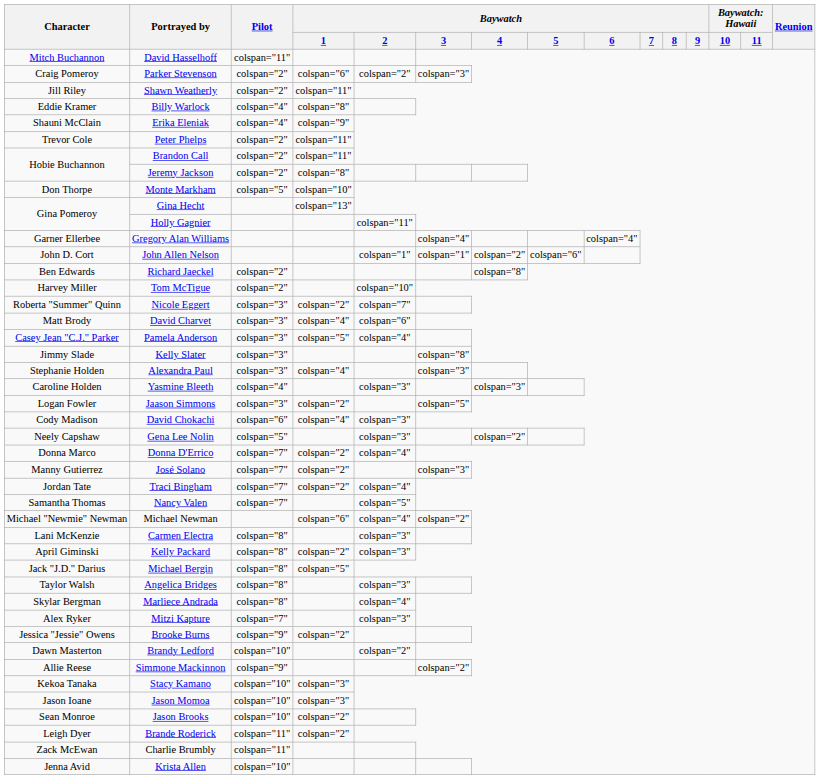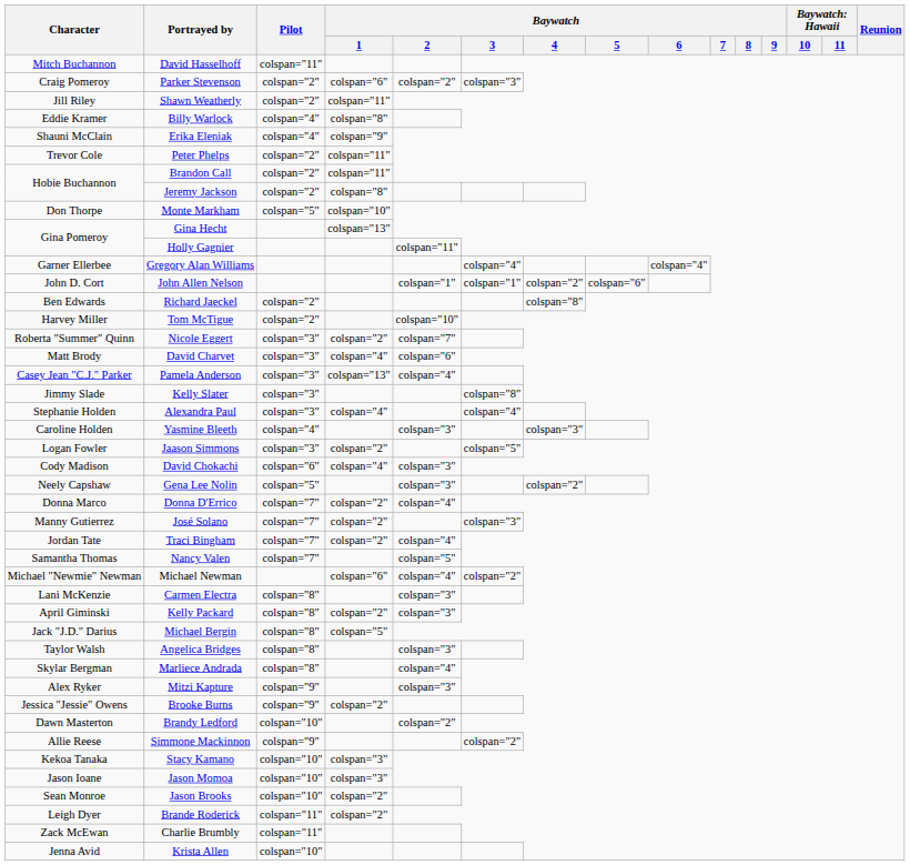 <table class="wikitable" style="text-align:center; white-space:nowrap;">
 <tr>
 <th rowspan="2">Character</th>
 <th rowspan="2">Portrayed by</th>
 <th rowspan="2"><a href='#'>Pilot</a></th>
 <th colspan="9"><em>Baywatch</em></th>
 <th colspan="2"><em>Baywatch:<br>Hawaii</em></th>
 <th rowspan="2"><a href='#'>Reunion</a></th>
 </tr>
 <tr>
 <th style="width:5%"><a href='#'>1</a></th>
 <th style="width:5%"><a href='#'>2</a></th>
 <th style="width:5%"><a href='#'>3</a></th>
 <th style="width:5%"><a href='#'>4</a></th>
 <th style="width:5%"><a href='#'>5</a></th>
 <th style="width:5%"><a href='#'>6</a></th>
 <th style="width:5%"><a href='#'>7</a></th>
 <th style="width:5%"><a href='#'>8</a></th>
 <th style="width:5%"><a href='#'>9</a></th>
 <th style="width:5%"><a href='#'>10</a></th>
 <th style="width:5%"><a href='#'>11</a></th>
 </tr>
 <tr>
 <td><a href='#'>Mitch Buchannon</a></td>
 <td><a href='#'>David Hasselhoff</a></td>
 <td>colspan="11" </td>
 <td></td>
 <td></td>
 </tr>
 <tr>
 <td>Craig Pomeroy</td>
 <td><a href='#'>Parker Stevenson</a></td>
 <td>colspan="2" </td>
 <td>colspan="6" </td>
 <td>colspan="2" </td>
 <td>colspan="3" </td>
 </tr>
 <tr>
 <td>Jill Riley</td>
 <td><a href='#'>Shawn Weatherly</a></td>
 <td>colspan="2" </td>
 <td>colspan="11" </td>
 </tr>
 <tr>
 <td>Eddie Kramer</td>
 <td><a href='#'>Billy Warlock</a></td>
 <td>colspan="4" </td>
 <td>colspan="8" </td>
 <td></td>
 </tr>
 <tr>
 <td>Shauni McClain</td>
 <td><a href='#'>Erika Eleniak</a></td>
 <td>colspan="4" </td>
 <td>colspan="9" </td>
 </tr>
 <tr>
 <td>Trevor Cole</td>
 <td><a href='#'>Peter Phelps</a></td>
 <td>colspan="2" </td>
 <td>colspan="11" </td>
 </tr>
 <tr>
 <td rowspan="2">Hobie Buchannon</td>
 <td><a href='#'>Brandon Call</a></td>
 <td>colspan="2" </td>
 <td>colspan="11" </td>
 </tr>
 <tr>
 <td><a href='#'>Jeremy Jackson</a></td>
 <td>colspan="2" </td>
 <td>colspan="8" </td>
 <td></td>
 <td></td>
 <td></td>
 </tr>
 <tr>
 <td>Don Thorpe</td>
 <td><a href='#'>Monte Markham</a></td>
 <td>colspan="5" </td>
 <td>colspan="10" </td>
 </tr>
 <tr>
 <td rowspan="2">Gina Pomeroy</td>
 <td><a href='#'>Gina Hecht</a></td>
 <td></td>
 <td>colspan="13" </td>
 </tr>
 <tr>
 <td><a href='#'>Holly Gagnier</a></td>
 <td></td>
 <td></td>
 <td>colspan="11" </td>
 </tr>
 <tr>
 <td>Garner Ellerbee</td>
 <td><a href='#'>Gregory Alan Williams</a></td>
 <td></td>
 <td></td>
 <td></td>
 <td>colspan="4" </td>
 <td></td>
 <td></td>
 <td>colspan="4" </td>
 </tr>
 <tr>
 <td>John D. Cort</td>
 <td><a href='#'>John Allen Nelson</a></td>
 <td></td>
 <td></td>
 <td>colspan="1" </td>
 <td>colspan="1" </td>
 <td>colspan="2" </td>
 <td>colspan="6" </td>
 <td></td>
 </tr>
 <tr>
 <td>Ben Edwards</td>
 <td><a href='#'>Richard Jaeckel</a></td>
 <td>colspan="2" </td>
 <td></td>
 <td></td>
 <td></td>
 <td>colspan="8" </td>
 </tr>
 <tr>
 <td>Harvey Miller</td>
 <td><a href='#'>Tom McTigue</a></td>
 <td>colspan="2" </td>
 <td></td>
 <td>colspan="10" </td>
 </tr>
 <tr>
 <td>Roberta "Summer" Quinn</td>
 <td><a href='#'>Nicole Eggert</a></td>
 <td>colspan="3" </td>
 <td>colspan="2" </td>
 <td>colspan="7" </td>
 <td></td>
 </tr>
 <tr>
 <td>Matt Brody</td>
 <td><a href='#'>David Charvet</a></td>
 <td>colspan="3" </td>
 <td>colspan="4" </td>
 <td>colspan="6" </td>
 </tr>
 <tr>
 <td><a href='#'>Casey Jean "C.J." Parker</a></td>
 <td><a href='#'>Pamela Anderson</a></td>
 <td>colspan="3" </td>
-<td>colspan="5" </td>
+<td>colspan="13" </td>
 <td>colspan="4" </td>
 <td></td>
 </tr>
 <tr>
 <td>Jimmy Slade</td>
 <td><a href='#'>Kelly Slater</a></td>
 <td>colspan="3" </td>
 <td></td>
 <td></td>
 <td>colspan="8" </td>
 </tr>
 <tr>
 <td>Stephanie Holden</td>
 <td><a href='#'>Alexandra Paul</a></td>
 <td>colspan="3" </td>
 <td>colspan="4" </td>
 <td></td>
-<td>colspan="3" </td>
+<td>colspan="4" </td>
 <td></td>
 </tr>
 <tr>
 <td>Caroline Holden</td>
 <td><a href='#'>Yasmine Bleeth</a></td>
 <td>colspan="4" </td>
 <td></td>
 <td>colspan="3" </td>
 <td></td>
 <td>colspan="3" </td>
 <td></td>
 </tr>
 <tr>
 <td>Logan Fowler</td>
 <td><a href='#'>Jaason Simmons</a></td>
 <td>colspan="3" </td>
 <td>colspan="2" </td>
 <td></td>
 <td>colspan="5" </td>
 </tr>
 <tr>
 <td>Cody Madison</td>
 <td><a href='#'>David Chokachi</a></td>
 <td>colspan="6" </td>
 <td>colspan="4" </td>
 <td>colspan="3" </td>
 </tr>
 <tr>
 <td>Neely Capshaw</td>
 <td><a href='#'>Gena Lee Nolin</a></td>
 <td>colspan="5" </td>
 <td></td>
 <td>colspan="3" </td>
 <td></td>
 <td>colspan="2" </td>
 <td></td>
 </tr>
 <tr>
 <td>Donna Marco</td>
 <td><a href='#'>Donna D'Errico</a></td>
 <td>colspan="7" </td>
 <td>colspan="2" </td>
 <td>colspan="4" </td>
 </tr>
 <tr>
 <td>Manny Gutierrez</td>
 <td><a href='#'>José Solano</a></td>
 <td>colspan="7" </td>
 <td>colspan="2" </td>
 <td></td>
 <td>colspan="3" </td>
 </tr>
 <tr>
 <td>Jordan Tate</td>
 <td><a href='#'>Traci Bingham</a></td>
 <td>colspan="7" </td>
 <td>colspan="2" </td>
 <td>colspan="4" </td>
 </tr>
 <tr>
 <td>Samantha Thomas</td>
 <td><a href='#'>Nancy Valen</a></td>
 <td>colspan="7" </td>
 <td></td>
 <td>colspan="5" </td>
 </tr>
 <tr>
 <td>Michael "Newmie" Newman</td>
 <td>Michael Newman</td>
 <td></td>
 <td>colspan="6" </td>
 <td>colspan="4" </td>
 <td>colspan="2" </td>
 </tr>
 <tr>
 <td>Lani McKenzie</td>
 <td><a href='#'>Carmen Electra</a></td>
 <td>colspan="8" </td>
 <td></td>
 <td>colspan="3" </td>
 <td></td>
 </tr>
 <tr>
 <td>April Giminski</td>
 <td><a href='#'>Kelly Packard</a></td>
 <td>colspan="8" </td>
 <td>colspan="2" </td>
 <td>colspan="3" </td>
 </tr>
 <tr>
 <td>Jack "J.D." Darius</td>
 <td><a href='#'>Michael Bergin</a></td>
 <td>colspan="8" </td>
 <td>colspan="5" </td>
 </tr>
 <tr>
 <td>Taylor Walsh</td>
 <td><a href='#'>Angelica Bridges</a></td>
 <td>colspan="8" </td>
 <td></td>
 <td>colspan="3" </td>
 <td></td>
 </tr>
 <tr>
 <td>Skylar Bergman</td>
 <td><a href='#'>Marliece Andrada</a></td>
 <td>colspan="8" </td>
 <td></td>
 <td>colspan="4" </td>
 </tr>
 <tr>
 <td>Alex Ryker</td>
 <td><a href='#'>Mitzi Kapture</a></td>
-<td>colspan="7" </td>
+<td>colspan="9" </td>
 <td></td>
 <td>colspan="3" </td>
 </tr>
 <tr>
 <td>Jessica "Jessie" Owens</td>
 <td><a href='#'>Brooke Burns</a></td>
 <td>colspan="9" </td>
 <td>colspan="2" </td>
 <td></td>
 <td></td>
 </tr>
 <tr>
 <td>Dawn Masterton</td>
 <td><a href='#'>Brandy Ledford</a></td>
 <td>colspan="10" </td>
 <td></td>
 <td>colspan="2" </td>
 </tr>
 <tr>
 <td>Allie Reese</td>
 <td><a href='#'>Simmone Mackinnon</a></td>
 <td>colspan="9" </td>
 <td></td>
 <td></td>
 <td>colspan="2" </td>
 </tr>
 <tr>
 <td>Kekoa Tanaka</td>
 <td><a href='#'>Stacy Kamano</a></td>
 <td>colspan="10" </td>
 <td>colspan="3" </td>
 </tr>
 <tr>
 <td>Jason Ioane</td>
 <td><a href='#'>Jason Momoa</a></td>
 <td>colspan="10" </td>
 <td>colspan="3" </td>
 </tr>
 <tr>
 <td>Sean Monroe</td>
 <td><a href='#'>Jason Brooks</a></td>
 <td>colspan="10" </td>
 <td>colspan="2" </td>
 <td></td>
 </tr>
 <tr>
 <td>Leigh Dyer</td>
 <td><a href='#'>Brande Roderick</a></td>
 <td>colspan="11" </td>
 <td>colspan="2" </td>
 </tr>
 <tr>
 <td>Zack McEwan</td>
 <td>Charlie Brumbly</td>
 <td>colspan="11" </td>
 <td></td>
 <td></td>
 </tr>
 <tr>
 <td>Jenna Avid</td>
 <td><a href='#'>Krista Allen</a></td>
 <td>colspan="10" </td>
 <td></td>
 <td></td>
 <td></td>
 </tr>
 </table>
